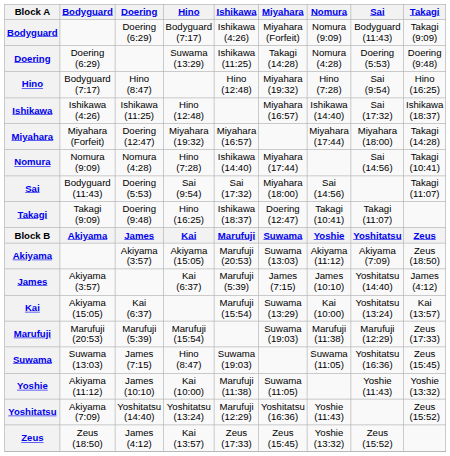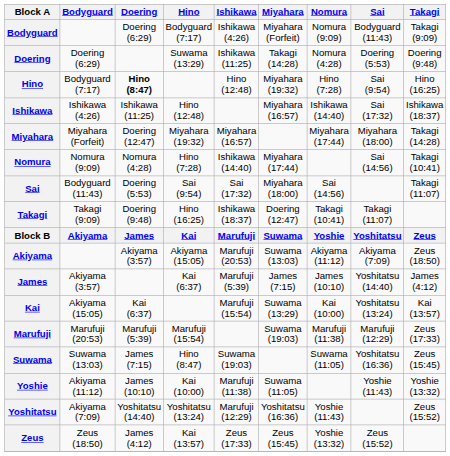 <table class="wikitable" style="margin: 1em auto 1em auto; text-align:center;">
 <tr>
 <th>Block A</th>
 <th><a href='#'>Bodyguard</a></th>
 <th><a href='#'>Doering</a></th>
 <th><a href='#'>Hino</a></th>
 <th><a href='#'>Ishikawa</a></th>
 <th><a href='#'>Miyahara</a></th>
 <th><a href='#'>Nomura</a></th>
 <th><a href='#'>Sai</a></th>
 <th><a href='#'>Takagi</a></th>
 </tr>
 <tr>
 <th><a href='#'>Bodyguard</a></th>
 <td></td>
 <td>Doering<br>(6:29)</td>
 <td>Bodyguard<br>(7:17)</td>
 <td>Ishikawa<br>(4:26)</td>
 <td>Miyahara<br>(Forfeit)</td>
 <td>Nomura<br>(9:09)</td>
 <td>Bodyguard<br>(11:43)</td>
 <td>Takagi<br>(9:09)</td>
 </tr>
 <tr>
 <th><a href='#'>Doering</a></th>
 <td>Doering<br>(6:29)</td>
 <td></td>
 <td>Suwama<br>(13:29)</td>
 <td>Ishikawa<br>(11:25)</td>
 <td>Takagi<br>(14:28)</td>
 <td>Nomura<br>(4:28)</td>
 <td>Doering<br>(5:53)</td>
 <td>Doering<br>(9:48)</td>
 </tr>
 <tr>
 <th><a href='#'>Hino</a></th>
 <td>Bodyguard<br>(7:17)</td>
-<td>Hino<br>(8:47)</td>
+<td><strong>Hino<br>(8:47)</strong></td>
 <td></td>
 <td>Hino<br>(12:48)</td>
 <td>Miyahara<br>(19:32)</td>
 <td>Hino<br>(7:28)</td>
 <td>Sai<br>(9:54)</td>
 <td>Hino<br>(16:25)</td>
 </tr>
 <tr>
 <th><a href='#'>Ishikawa</a></th>
 <td>Ishikawa<br>(4:26)</td>
 <td>Ishikawa<br>(11:25)</td>
 <td>Hino<br>(12:48)</td>
 <td></td>
 <td>Miyahara<br>(16:57)</td>
 <td>Ishikawa<br>(14:40)</td>
 <td>Sai<br>(17:32)</td>
 <td>Ishikawa<br>(18:37)</td>
 </tr>
 <tr>
 <th><a href='#'>Miyahara</a></th>
 <td>Miyahara<br>(Forfeit)</td>
 <td>Doering<br>(12:47)</td>
 <td>Miyahara<br>(19:32)</td>
 <td>Miyahara<br>(16:57)</td>
 <td></td>
 <td>Miyahara<br>(17:44)</td>
 <td>Miyahara<br>(18:00)</td>
 <td>Takagi<br>(14:28)</td>
 </tr>
 <tr>
 <th><a href='#'>Nomura</a></th>
 <td>Nomura<br>(9:09)</td>
 <td>Nomura<br>(4:28)</td>
 <td>Hino<br>(7:28)</td>
 <td>Ishikawa<br>(14:40)</td>
 <td>Miyahara<br>(17:44)</td>
 <td></td>
 <td>Sai<br>(14:56)</td>
 <td>Takagi<br>(10:41)</td>
 </tr>
 <tr>
 <th><a href='#'>Sai</a></th>
 <td>Bodyguard<br>(11:43)</td>
 <td>Doering<br>(5:53)</td>
 <td>Sai<br>(9:54)</td>
 <td>Sai<br>(17:32)</td>
 <td>Miyahara<br>(18:00)</td>
 <td>Sai<br>(14:56)</td>
 <td></td>
 <td>Takagi<br>(11:07)</td>
 </tr>
 <tr>
 <th><a href='#'>Takagi</a></th>
 <td>Takagi<br>(9:09)</td>
 <td>Doering<br>(9:48)</td>
 <td>Hino<br>(16:25)</td>
 <td>Ishikawa<br>(18:37)</td>
 <td>Doering<br>(12:47)</td>
 <td>Takagi<br>(10:41)</td>
 <td>Takagi<br>(11:07)</td>
 <td></td>
 </tr>
 <tr>
 <th>Block B</th>
 <th><a href='#'>Akiyama</a></th>
 <th><a href='#'>James</a></th>
 <th><a href='#'>Kai</a></th>
 <th><a href='#'>Marufuji</a></th>
 <th><a href='#'>Suwama</a></th>
 <th><a href='#'>Yoshie</a></th>
 <th><a href='#'>Yoshitatsu</a></th>
 <th><a href='#'>Zeus</a></th>
 </tr>
 <tr>
 <th><a href='#'>Akiyama</a></th>
 <td></td>
 <td>Akiyama<br>(3:57)</td>
 <td>Akiyama<br>(15:05)</td>
 <td>Marufuji<br>(20:53)</td>
 <td>Suwama<br>(13:03)</td>
 <td>Akiyama<br>(11:12)</td>
 <td>Akiyama<br>(7:09)</td>
 <td>Zeus<br>(18:50)</td>
 </tr>
 <tr>
 <th><a href='#'>James</a></th>
 <td>Akiyama<br>(3:57)</td>
 <td></td>
 <td>Kai<br>(6:37)</td>
 <td>Marufuji<br>(5:39)</td>
 <td>James<br>(7:15)</td>
 <td>James<br>(10:10)</td>
 <td>Yoshitatsu<br>(14:40)</td>
 <td>James<br>(4:12)</td>
 </tr>
 <tr>
 <th><a href='#'>Kai</a></th>
 <td>Akiyama<br>(15:05)</td>
 <td>Kai<br>(6:37)</td>
 <td></td>
 <td>Marufuji<br>(15:54)</td>
 <td>Suwama<br>(13:29)</td>
 <td>Kai<br>(10:00)</td>
 <td>Yoshitatsu<br>(13:24)</td>
 <td>Kai<br>(13:57)</td>
 </tr>
 <tr>
 <th><a href='#'>Marufuji</a></th>
 <td>Marufuji<br>(20:53)</td>
 <td>Marufuji<br>(5:39)</td>
 <td>Marufuji<br>(15:54)</td>
 <td></td>
 <td>Suwama<br>(19:03)</td>
 <td>Marufuji<br>(11:38)</td>
 <td>Marufuji<br>(12:29)</td>
 <td>Zeus<br>(17:33)</td>
 </tr>
 <tr>
 <th><a href='#'>Suwama</a></th>
 <td>Suwama<br>(13:03)</td>
 <td>James<br>(7:15)</td>
 <td>Hino<br>(8:47)</td>
 <td>Suwama<br>(19:03)</td>
 <td></td>
 <td>Suwama<br>(11:05)</td>
 <td>Yoshitatsu<br>(16:36)</td>
 <td>Zeus<br>(15:45)</td>
 </tr>
 <tr>
 <th><a href='#'>Yoshie</a></th>
 <td>Akiyama<br>(11:12)</td>
 <td>James<br>(10:10)</td>
 <td>Kai<br>(10:00)</td>
 <td>Marufuji<br>(11:38)</td>
 <td>Suwama<br>(11:05)</td>
 <td></td>
 <td>Yoshie<br>(11:43)</td>
 <td>Yoshie<br>(13:32)</td>
 </tr>
 <tr>
 <th><a href='#'>Yoshitatsu</a></th>
 <td>Akiyama<br>(7:09)</td>
 <td>Yoshitatsu<br>(14:40)</td>
 <td>Yoshitatsu<br>(13:24)</td>
 <td>Marufuji<br>(12:29)</td>
 <td>Yoshitatsu<br>(16:36)</td>
 <td>Yoshie<br>(11:43)</td>
 <td></td>
 <td>Zeus<br>(15:52)</td>
 </tr>
 <tr>
 <th><a href='#'>Zeus</a></th>
 <td>Zeus<br>(18:50)</td>
 <td>James<br>(4:12)</td>
 <td>Kai<br>(13:57)</td>
 <td>Zeus<br>(17:33)</td>
 <td>Zeus<br>(15:45)</td>
 <td>Yoshie<br>(13:32)</td>
 <td>Zeus<br>(15:52)</td>
 <td></td>
 </tr>
 <tr>
 </tr>
 </table>
